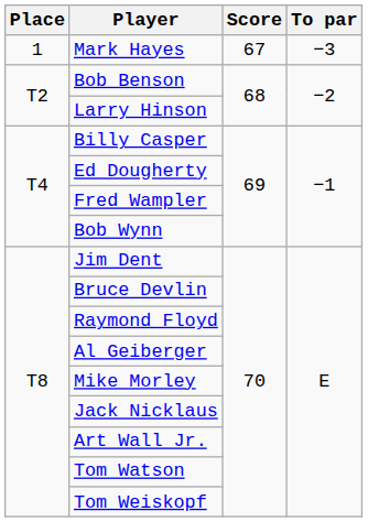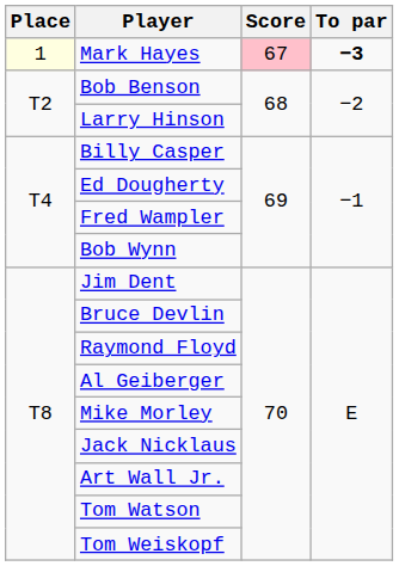 <table class=wikitable>
 <tr>
 <th>Place</th>
 <th>Player</th>
 <th>Score</th>
 <th>To par</th>
 </tr>
 <tr>
-<td align=center>1</td>
+<td align=center style="background: lightyellow;">1</td>
 <td> <a href='#'>Mark Hayes</a></td>
-<td align=center>67</td>
-<td align=center>−3</td>
+<td align=center style="background: pink;">67</td>
+<td align=center><strong>−3</strong></td>
 </tr>
 <tr>
 <td rowspan=2 align=center>T2</td>
 <td> <a href='#'>Bob Benson</a></td>
 <td rowspan=2 align=center>68</td>
 <td rowspan=2 align=center>−2</td>
 </tr>
 <tr>
 <td> <a href='#'>Larry Hinson</a></td>
 </tr>
 <tr>
 <td rowspan=4 align=center>T4</td>
 <td> <a href='#'>Billy Casper</a></td>
 <td rowspan=4 align=center>69</td>
 <td rowspan=4 align=center>−1</td>
 </tr>
 <tr>
 <td> <a href='#'>Ed Dougherty</a></td>
 </tr>
 <tr>
 <td> <a href='#'>Fred Wampler</a></td>
 </tr>
 <tr>
 <td> <a href='#'>Bob Wynn</a></td>
 </tr>
 <tr>
 <td rowspan=9 align=center>T8</td>
 <td> <a href='#'>Jim Dent</a></td>
 <td rowspan=9 align=center>70</td>
 <td rowspan=9 align=center>E</td>
 </tr>
 <tr>
 <td> <a href='#'>Bruce Devlin</a></td>
 </tr>
 <tr>
 <td> <a href='#'>Raymond Floyd</a></td>
 </tr>
 <tr>
 <td> <a href='#'>Al Geiberger</a></td>
 </tr>
 <tr>
 <td> <a href='#'>Mike Morley</a></td>
 </tr>
 <tr>
 <td> <a href='#'>Jack Nicklaus</a></td>
 </tr>
 <tr>
 <td> <a href='#'>Art Wall Jr.</a></td>
 </tr>
 <tr>
 <td> <a href='#'>Tom Watson</a></td>
 </tr>
 <tr>
 <td> <a href='#'>Tom Weiskopf</a></td>
 </tr>
 </table>
